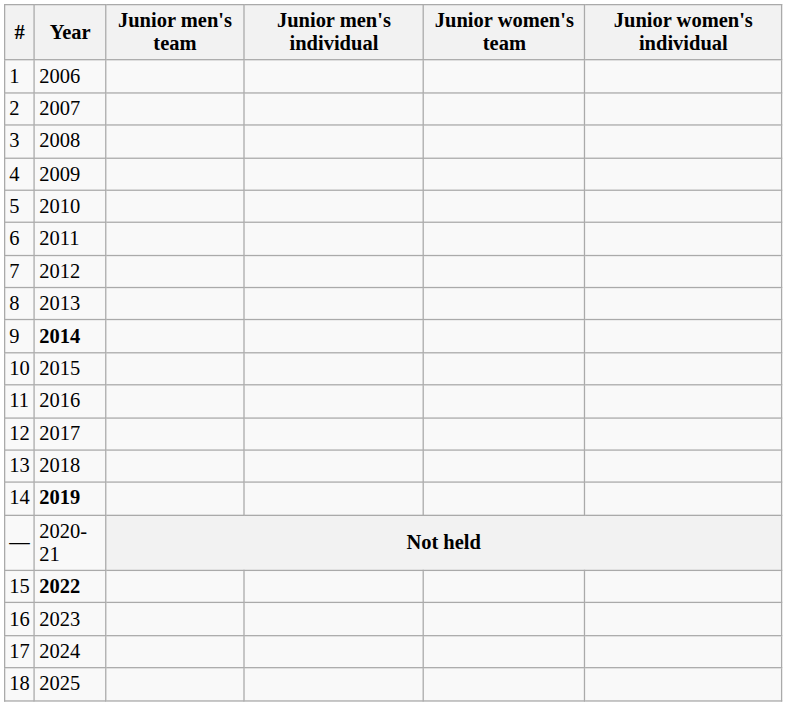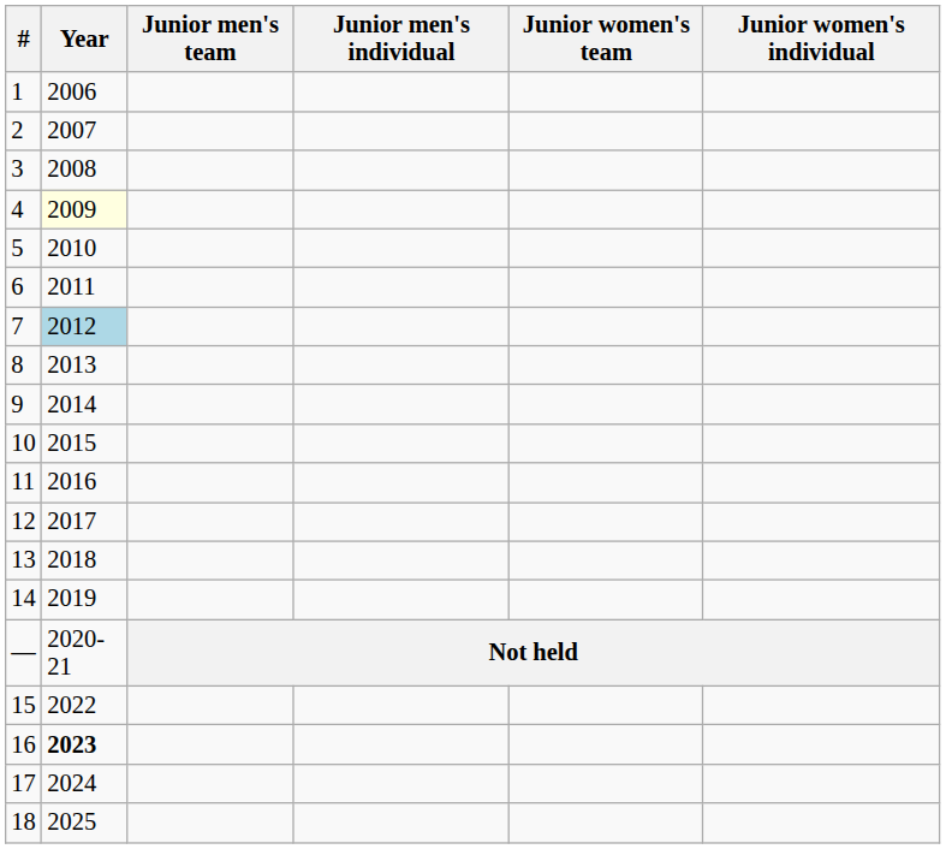 <table class="wikitable sortable">
 <tr>
 <th>#</th>
 <th>Year</th>
 <th>Junior men's team</th>
 <th>Junior men's individual</th>
 <th>Junior women's team</th>
 <th>Junior women's individual</th>
 </tr>
 <tr>
 <td>1</td>
 <td>2006</td>
 <td></td>
 <td></td>
 <td></td>
 <td></td>
 </tr>
 <tr>
 <td>2</td>
 <td>2007</td>
 <td></td>
 <td></td>
 <td></td>
 <td></td>
 </tr>
 <tr>
 <td>3</td>
 <td>2008</td>
 <td></td>
 <td></td>
 <td></td>
 <td></td>
 </tr>
 <tr>
 <td>4</td>
-<td>2009</td>
+<td style="background: lightyellow;">2009</td>
 <td></td>
 <td></td>
 <td></td>
 <td></td>
 </tr>
 <tr>
 <td>5</td>
 <td>2010</td>
 <td></td>
 <td></td>
 <td></td>
 <td></td>
 </tr>
 <tr>
 <td>6</td>
 <td>2011</td>
 <td></td>
 <td></td>
 <td></td>
 <td></td>
 </tr>
 <tr>
 <td>7</td>
-<td>2012</td>
+<td style="background: lightblue;">2012</td>
 <td></td>
 <td></td>
 <td></td>
 <td></td>
 </tr>
 <tr>
 <td>8</td>
 <td>2013</td>
 <td></td>
 <td></td>
 <td></td>
 <td></td>
 </tr>
 <tr>
 <td>9</td>
-<td><strong>2014</strong></td>
+<td>2014</td>
 <td></td>
 <td></td>
 <td></td>
 <td></td>
 </tr>
 <tr>
 <td>10</td>
 <td>2015</td>
 <td></td>
 <td></td>
 <td></td>
 <td></td>
 </tr>
 <tr>
 <td>11</td>
 <td>2016</td>
 <td></td>
 <td></td>
 <td></td>
 <td></td>
 </tr>
 <tr>
 <td>12</td>
 <td>2017</td>
 <td></td>
 <td></td>
 <td></td>
 <td></td>
 </tr>
 <tr>
 <td>13</td>
 <td>2018</td>
 <td></td>
 <td></td>
 <td></td>
 <td></td>
 </tr>
 <tr>
 <td>14</td>
-<td><strong>2019</strong></td>
+<td>2019</td>
 <td></td>
 <td></td>
 <td></td>
 <td></td>
 </tr>
 <tr>
 <td>—</td>
 <td>2020-21</td>
 <th colspan=7>Not held</th>
 </tr>
 <tr>
 <td>15</td>
-<td><strong>2022</strong></td>
+<td>2022</td>
 <td></td>
 <td></td>
 <td></td>
 <td></td>
 </tr>
 <tr>
 <td>16</td>
-<td>2023</td>
+<td><strong>2023</strong></td>
 <td></td>
 <td></td>
 <td></td>
 <td></td>
 </tr>
 <tr>
 <td>17</td>
 <td>2024</td>
 <td></td>
 <td></td>
 <td></td>
 <td></td>
 </tr>
 <tr>
 <td>18</td>
 <td>2025</td>
 <td></td>
 <td></td>
 <td></td>
 <td></td>
 </tr>
 </table>
